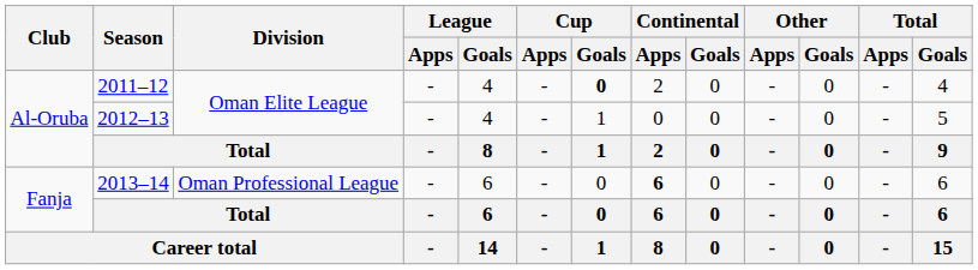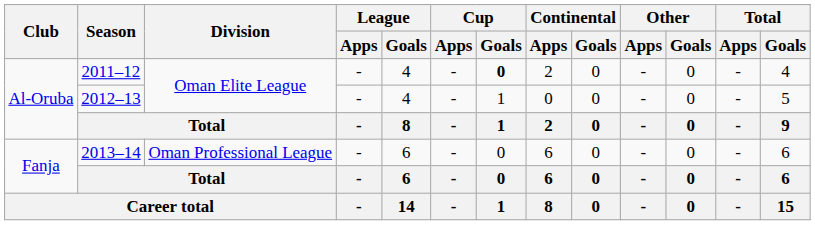 <table class="wikitable" style="text-align: center;">
 <tr>
 <th rowspan="2">Club</th>
 <th rowspan="2">Season</th>
 <th rowspan="2">Division</th>
 <th colspan="2">League</th>
 <th colspan="2">Cup</th>
 <th colspan="2">Continental</th>
 <th colspan="2">Other</th>
 <th colspan="2">Total</th>
 </tr>
 <tr>
 <th>Apps</th>
 <th>Goals</th>
 <th>Apps</th>
 <th>Goals</th>
 <th>Apps</th>
 <th>Goals</th>
 <th>Apps</th>
 <th>Goals</th>
 <th>Apps</th>
 <th>Goals</th>
 </tr>
 <tr>
 <td rowspan="3"><a href='#'>Al-Oruba</a></td>
 <td><a href='#'>2011–12</a></td>
 <td rowspan="2"><a href='#'>Oman Elite League</a></td>
 <td>-</td>
 <td>4</td>
 <td>-</td>
 <td><strong>0</strong></td>
 <td>2</td>
 <td>0</td>
 <td>-</td>
 <td>0</td>
 <td>-</td>
 <td>4</td>
 </tr>
 <tr>
 <td><a href='#'>2012–13</a></td>
 <td>-</td>
 <td>4</td>
 <td>-</td>
 <td>1</td>
 <td>0</td>
 <td>0</td>
 <td>-</td>
 <td>0</td>
 <td>-</td>
 <td>5</td>
 </tr>
 <tr>
 <th colspan="2">Total</th>
 <th>-</th>
 <th>8</th>
 <th>-</th>
 <th>1</th>
 <th>2</th>
 <th>0</th>
 <th>-</th>
 <th>0</th>
 <th>-</th>
 <th>9</th>
 </tr>
 <tr>
 <td rowspan="2"><a href='#'>Fanja</a></td>
 <td><a href='#'>2013–14</a></td>
 <td rowspan="1"><a href='#'>Oman Professional League</a></td>
 <td>-</td>
 <td>6</td>
 <td>-</td>
 <td>0</td>
-<td><strong>6</strong></td>
+<td>6</td>
 <td>0</td>
 <td>-</td>
 <td>0</td>
 <td>-</td>
 <td>6</td>
 </tr>
 <tr>
 <th colspan="2">Total</th>
 <th>-</th>
 <th>6</th>
 <th>-</th>
 <th>0</th>
 <th>6</th>
 <th>0</th>
 <th>-</th>
 <th>0</th>
 <th>-</th>
 <th>6</th>
 </tr>
 <tr>
 <th colspan="3">Career total</th>
 <th>-</th>
 <th>14</th>
 <th>-</th>
 <th>1</th>
 <th>8</th>
 <th>0</th>
 <th>-</th>
 <th>0</th>
 <th>-</th>
 <th>15</th>
 </tr>
 </table>
